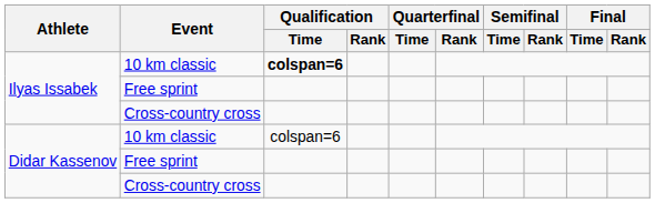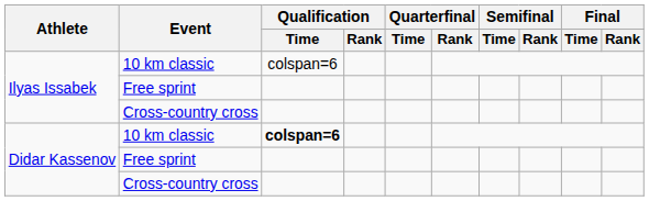 <table class="wikitable" style="font-size:90%">
 <tr>
 <th rowspan="2">Athlete</th>
 <th rowspan="2">Event</th>
 <th colspan="2">Qualification</th>
 <th colspan="2">Quarterfinal</th>
 <th colspan="2">Semifinal</th>
 <th colspan="2">Final</th>
 </tr>
 <tr style="font-size:95%">
 <th>Time</th>
 <th>Rank</th>
 <th>Time</th>
 <th>Rank</th>
 <th>Time</th>
 <th>Rank</th>
 <th>Time</th>
 <th>Rank</th>
 </tr>
 <tr align=center>
 <td align=left rowspan=3><a href='#'>Ilyas Issabek</a></td>
 <td align=left><a href='#'>10 km classic</a></td>
-<td><strong>colspan=6 </strong></td>
+<td>colspan=6 </td>
 <td></td>
 <td></td>
 </tr>
 <tr align=center>
 <td align=left><a href='#'>Free sprint</a></td>
 <td></td>
 <td></td>
 <td></td>
 <td></td>
 <td></td>
 <td></td>
 <td></td>
 <td></td>
 </tr>
 <tr align=center>
 <td align=left><a href='#'>Cross-country cross</a></td>
 <td></td>
 <td></td>
 <td></td>
 <td></td>
 <td></td>
 <td></td>
 <td></td>
 <td></td>
 </tr>
 <tr align=center>
 <td align=left rowspan=3><a href='#'>Didar Kassenov</a></td>
 <td align=left><a href='#'>10 km classic</a></td>
-<td>colspan=6 </td>
+<td><strong>colspan=6 </strong></td>
 <td></td>
 <td></td>
 </tr>
 <tr align=center>
 <td align=left><a href='#'>Free sprint</a></td>
 <td></td>
 <td></td>
 <td></td>
 <td></td>
 <td></td>
 <td></td>
 <td></td>
 <td></td>
 </tr>
 <tr align=center>
 <td align=left><a href='#'>Cross-country cross</a></td>
 <td></td>
 <td></td>
 <td></td>
 <td></td>
 <td></td>
 <td></td>
 <td></td>
 <td></td>
 </tr>
 </table>
